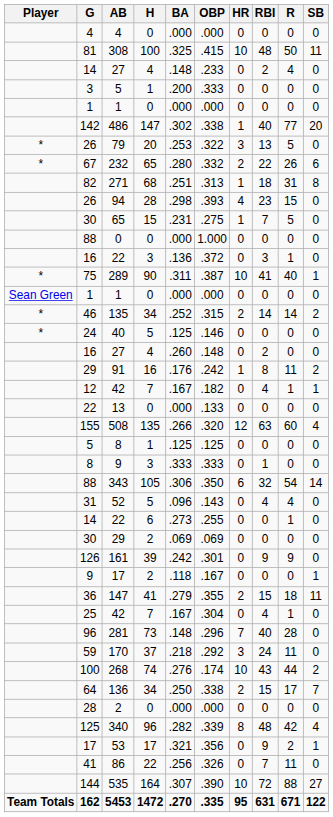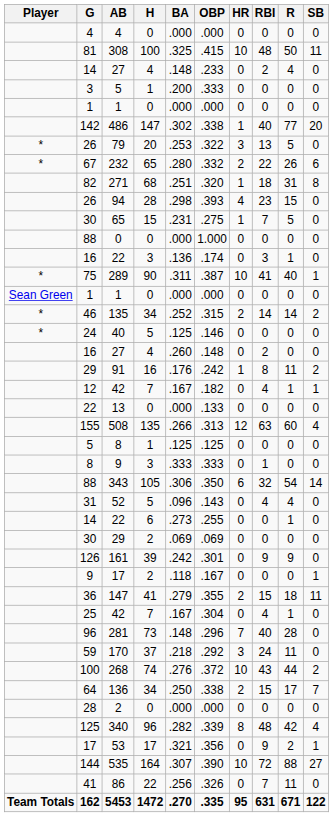 <table class="wikitable sortable">
 <tr>
 <th>Player</th>
 <th>G</th>
 <th>AB</th>
 <th>H</th>
 <th>BA</th>
 <th>OBP</th>
 <th>HR</th>
 <th>RBI</th>
 <th>R</th>
 <th>SB</th>
 </tr>
 <tr align="center">
 <td></td>
 <td>4</td>
 <td>4</td>
 <td>0</td>
 <td>.000</td>
 <td>.000</td>
 <td>0</td>
 <td>0</td>
 <td>0</td>
 <td>0</td>
 </tr>
 <tr align="center">
 <td></td>
 <td>81</td>
 <td>308</td>
 <td>100</td>
 <td>.325</td>
 <td>.415</td>
 <td>10</td>
 <td>48</td>
 <td>50</td>
 <td>11</td>
 </tr>
 <tr align="center">
 <td></td>
 <td>14</td>
 <td>27</td>
 <td>4</td>
 <td>.148</td>
 <td>.233</td>
 <td>0</td>
 <td>2</td>
 <td>4</td>
 <td>0</td>
 </tr>
 <tr align="center">
 <td></td>
 <td>3</td>
 <td>5</td>
 <td>1</td>
 <td>.200</td>
 <td>.333</td>
 <td>0</td>
 <td>0</td>
 <td>0</td>
 <td>0</td>
 </tr>
 <tr align="center">
 <td></td>
 <td>1</td>
 <td>1</td>
 <td>0</td>
 <td>.000</td>
 <td>.000</td>
 <td>0</td>
 <td>0</td>
 <td>0</td>
 <td>0</td>
 </tr>
 <tr align="center">
 <td></td>
 <td>142</td>
 <td>486</td>
 <td>147</td>
 <td>.302</td>
 <td>.338</td>
 <td>1</td>
 <td>40</td>
 <td>77</td>
 <td>20</td>
 </tr>
 <tr align="center">
 <td>*</td>
 <td>26</td>
 <td>79</td>
 <td>20</td>
 <td>.253</td>
 <td>.322</td>
 <td>3</td>
 <td>13</td>
 <td>5</td>
 <td>0</td>
 </tr>
 <tr align="center">
 <td>*</td>
 <td>67</td>
 <td>232</td>
 <td>65</td>
 <td>.280</td>
 <td>.332</td>
 <td>2</td>
 <td>22</td>
 <td>26</td>
 <td>6</td>
 </tr>
 <tr align="center">
 <td></td>
 <td>82</td>
 <td>271</td>
 <td>68</td>
 <td>.251</td>
-<td>.313</td>
+<td>.320</td>
 <td>1</td>
 <td>18</td>
 <td>31</td>
 <td>8</td>
 </tr>
 <tr align="center">
 <td></td>
 <td>26</td>
 <td>94</td>
 <td>28</td>
 <td>.298</td>
 <td>.393</td>
 <td>4</td>
 <td>23</td>
 <td>15</td>
 <td>0</td>
 </tr>
 <tr align="center">
 <td></td>
 <td>30</td>
 <td>65</td>
 <td>15</td>
 <td>.231</td>
 <td>.275</td>
 <td>1</td>
 <td>7</td>
 <td>5</td>
 <td>0</td>
 </tr>
 <tr align="center">
 <td></td>
 <td>88</td>
 <td>0</td>
 <td>0</td>
 <td>.000</td>
 <td>1.000</td>
 <td>0</td>
 <td>0</td>
 <td>0</td>
 <td>0</td>
 </tr>
 <tr align="center">
 <td></td>
 <td>16</td>
 <td>22</td>
 <td>3</td>
 <td>.136</td>
-<td>.372</td>
+<td>.174</td>
 <td>0</td>
 <td>3</td>
 <td>1</td>
 <td>0</td>
 </tr>
 <tr align="center">
 <td>*</td>
 <td>75</td>
 <td>289</td>
 <td>90</td>
 <td>.311</td>
 <td>.387</td>
 <td>10</td>
 <td>41</td>
 <td>40</td>
 <td>1</td>
 </tr>
 <tr align="center">
 <td><a href='#'>Sean Green</a></td>
 <td>1</td>
 <td>1</td>
 <td>0</td>
 <td>.000</td>
 <td>.000</td>
 <td>0</td>
 <td>0</td>
 <td>0</td>
 <td>0</td>
 </tr>
 <tr align=center>
 <td>*</td>
 <td>46</td>
 <td>135</td>
 <td>34</td>
 <td>.252</td>
 <td>.315</td>
 <td>2</td>
 <td>14</td>
 <td>14</td>
 <td>2</td>
 </tr>
 <tr align="center">
 <td>*</td>
 <td>24</td>
 <td>40</td>
 <td>5</td>
 <td>.125</td>
 <td>.146</td>
 <td>0</td>
 <td>0</td>
 <td>0</td>
 <td>0</td>
 </tr>
 <tr align="center">
 <td></td>
 <td>16</td>
 <td>27</td>
 <td>4</td>
 <td>.260</td>
 <td>.148</td>
 <td>0</td>
 <td>2</td>
 <td>0</td>
 <td>0</td>
 </tr>
 <tr align="center">
 <td></td>
 <td>29</td>
 <td>91</td>
 <td>16</td>
 <td>.176</td>
 <td>.242</td>
 <td>1</td>
 <td>8</td>
 <td>11</td>
 <td>2</td>
 </tr>
 <tr align="center">
 <td></td>
 <td>12</td>
 <td>42</td>
 <td>7</td>
 <td>.167</td>
 <td>.182</td>
 <td>0</td>
 <td>4</td>
 <td>1</td>
 <td>1</td>
 </tr>
 <tr align="center">
 <td></td>
 <td>22</td>
 <td>13</td>
 <td>0</td>
 <td>.000</td>
 <td>.133</td>
 <td>0</td>
 <td>0</td>
 <td>0</td>
 <td>0</td>
 </tr>
 <tr align="center">
 <td></td>
 <td>155</td>
 <td>508</td>
 <td>135</td>
 <td>.266</td>
-<td>.320</td>
+<td>.313</td>
 <td>12</td>
 <td>63</td>
 <td>60</td>
 <td>4</td>
 </tr>
 <tr align="center">
 <td></td>
 <td>5</td>
 <td>8</td>
 <td>1</td>
 <td>.125</td>
 <td>.125</td>
 <td>0</td>
 <td>0</td>
 <td>0</td>
 <td>0</td>
 </tr>
 <tr align="center">
 <td></td>
 <td>8</td>
 <td>9</td>
 <td>3</td>
 <td>.333</td>
 <td>.333</td>
 <td>0</td>
 <td>1</td>
 <td>0</td>
 <td>0</td>
 </tr>
 <tr align="center">
 <td></td>
 <td>88</td>
 <td>343</td>
 <td>105</td>
 <td>.306</td>
 <td>.350</td>
 <td>6</td>
 <td>32</td>
 <td>54</td>
 <td>14</td>
 </tr>
 <tr align="center">
 <td></td>
 <td>31</td>
 <td>52</td>
 <td>5</td>
 <td>.096</td>
 <td>.143</td>
 <td>0</td>
 <td>4</td>
 <td>4</td>
 <td>0</td>
 </tr>
 <tr align="center">
 <td></td>
 <td>14</td>
 <td>22</td>
 <td>6</td>
 <td>.273</td>
 <td>.255</td>
 <td>0</td>
 <td>0</td>
 <td>1</td>
 <td>0</td>
 </tr>
 <tr align="center">
 <td></td>
 <td>30</td>
 <td>29</td>
 <td>2</td>
 <td>.069</td>
 <td>.069</td>
 <td>0</td>
 <td>0</td>
 <td>0</td>
 <td>0</td>
 </tr>
 <tr align="center">
 <td></td>
 <td>126</td>
 <td>161</td>
 <td>39</td>
 <td>.242</td>
 <td>.301</td>
 <td>0</td>
 <td>9</td>
 <td>9</td>
 <td>0</td>
 </tr>
 <tr align="center">
 <td></td>
 <td>9</td>
 <td>17</td>
 <td>2</td>
 <td>.118</td>
 <td>.167</td>
 <td>0</td>
 <td>0</td>
 <td>0</td>
 <td>1</td>
 </tr>
 <tr align="center">
 <td></td>
 <td>36</td>
 <td>147</td>
 <td>41</td>
 <td>.279</td>
 <td>.355</td>
 <td>2</td>
 <td>15</td>
 <td>18</td>
 <td>11</td>
 </tr>
 <tr align="center">
 <td></td>
 <td>25</td>
 <td>42</td>
 <td>7</td>
 <td>.167</td>
 <td>.304</td>
 <td>0</td>
 <td>4</td>
 <td>1</td>
 <td>0</td>
 </tr>
 <tr align="center">
 <td></td>
 <td>96</td>
 <td>281</td>
 <td>73</td>
 <td>.148</td>
 <td>.296</td>
 <td>7</td>
 <td>40</td>
 <td>28</td>
 <td>0</td>
 </tr>
 <tr align="center">
 <td></td>
 <td>59</td>
 <td>170</td>
 <td>37</td>
 <td>.218</td>
 <td>.292</td>
 <td>3</td>
 <td>24</td>
 <td>11</td>
 <td>0</td>
 </tr>
 <tr align="center">
 <td></td>
 <td>100</td>
 <td>268</td>
 <td>74</td>
 <td>.276</td>
-<td>.174</td>
+<td>.372</td>
 <td>10</td>
 <td>43</td>
 <td>44</td>
 <td>2</td>
 </tr>
 <tr align="center">
 <td></td>
 <td>64</td>
 <td>136</td>
 <td>34</td>
 <td>.250</td>
 <td>.338</td>
 <td>2</td>
 <td>15</td>
 <td>17</td>
 <td>7</td>
 </tr>
 <tr align="center">
 <td></td>
 <td>28</td>
 <td>2</td>
 <td>0</td>
 <td>.000</td>
 <td>.000</td>
 <td>0</td>
 <td>0</td>
 <td>0</td>
 <td>0</td>
 </tr>
 <tr align="center">
 <td></td>
 <td>125</td>
 <td>340</td>
 <td>96</td>
 <td>.282</td>
 <td>.339</td>
 <td>8</td>
 <td>48</td>
 <td>42</td>
 <td>4</td>
 </tr>
 <tr align="center">
 <td></td>
 <td>17</td>
 <td>53</td>
 <td>17</td>
 <td>.321</td>
 <td>.356</td>
 <td>0</td>
 <td>9</td>
 <td>2</td>
 <td>1</td>
 </tr>
 <tr align="center">
 <td></td>
+<td>144</td>
+<td>535</td>
+<td>164</td>
+<td>.307</td>
+<td>.390</td>
+<td>10</td>
+<td>72</td>
+<td>88</td>
+<td>27</td>
+</tr>
+<tr align="center">
+<td></td>
 <td>41</td>
 <td>86</td>
 <td>22</td>
 <td>.256</td>
 <td>.326</td>
 <td>0</td>
 <td>7</td>
 <td>11</td>
 <td>0</td>
-</tr>
-<tr align="center">
-<td></td>
-<td>144</td>
-<td>535</td>
-<td>164</td>
-<td>.307</td>
-<td>.390</td>
-<td>10</td>
-<td>72</td>
-<td>88</td>
-<td>27</td>
 </tr>
 <tr align="center">
 <td><strong>Team Totals</strong></td>
 <td><strong>162</strong></td>
 <td><strong>5453</strong></td>
 <td><strong>1472</strong></td>
 <td><strong>.270</strong></td>
 <td><strong>.335</strong></td>
 <td><strong>95</strong></td>
 <td><strong>631</strong></td>
 <td><strong>671</strong></td>
 <td><strong>122</strong></td>
 </tr>
 </table>
